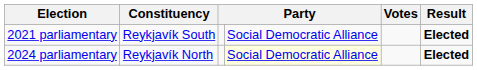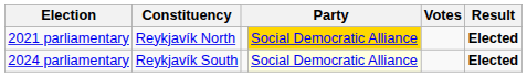 <table class="wikitable" style="text-align:left;">
 <tr>
 <th scope=col>Election</th>
 <th scope=col>Constituency</th>
 <th scope=col colspan="2">Party</th>
 <th scope=col>Votes</th>
 <th scope=col>Result</th>
 </tr>
 <tr>
 <td><a href='#'>2021 parliamentary</a></td>
-<td><a href='#'>Reykjavík South</a></td>
+<td><a href='#'>Reykjavík North</a></td>
 <td style="background:"></td>
-<td><a href='#'>Social Democratic Alliance</a></td>
+<td style="background: gold;"><a href='#'>Social Democratic Alliance</a></td>
 <td align=right></td>
 <td><strong>Elected</strong></td>
 </tr>
 <tr>
 <td><a href='#'>2024 parliamentary</a></td>
-<td><a href='#'>Reykjavík North</a></td>
+<td><a href='#'>Reykjavík South</a></td>
 <td style="background:"></td>
 <td style="background: lightyellow;"><a href='#'>Social Democratic Alliance</a></td>
 <td align=right></td>
 <td><strong>Elected</strong></td>
 </tr>
 </table>
